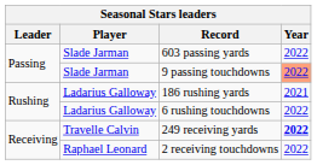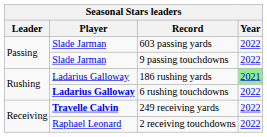 <table class="wikitable" style="margin:left">
 <tr>
 <th colspan="4">Seasonal Stars leaders</th>
 </tr>
 <tr>
 <th>Leader</th>
 <th>Player</th>
 <th>Record</th>
 <th>Year</th>
 </tr>
 <tr>
 <td rowspan="2">Passing</td>
 <td><a href='#'>Slade Jarman</a></td>
 <td>603 passing yards</td>
 <td><a href='#'>2022</a></td>
 </tr>
 <tr>
 <td><a href='#'>Slade Jarman</a></td>
 <td>9 passing touchdowns</td>
-<td style="background: lightsalmon;"><a href='#'>2022</a></td>
+<td><a href='#'>2022</a></td>
 </tr>
 <tr>
 <td rowspan="2">Rushing</td>
 <td><a href='#'>Ladarius Galloway</a></td>
 <td>186 rushing yards</td>
-<td><a href='#'>2021</a></td>
+<td style="background: lightgreen;"><a href='#'>2021</a></td>
 </tr>
 <tr>
-<td><a href='#'>Ladarius Galloway</a></td>
+<td><strong><a href='#'>Ladarius Galloway</a></strong></td>
 <td>6 rushing touchdowns</td>
 <td><a href='#'>2022</a></td>
 </tr>
 <tr>
 <td rowspan="2">Receiving</td>
-<td><a href='#'>Travelle Calvin</a></td>
+<td><strong><a href='#'>Travelle Calvin</a></strong></td>
 <td>249 receiving yards</td>
-<td><strong><a href='#'>2022</a></strong></td>
+<td><a href='#'>2022</a></td>
 </tr>
 <tr>
 <td><a href='#'>Raphael Leonard</a></td>
 <td>2 receiving touchdowns</td>
 <td><a href='#'>2022</a></td>
 </tr>
 </table>
